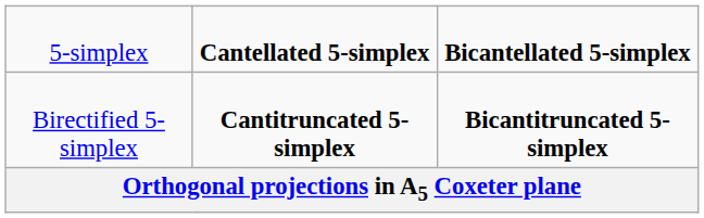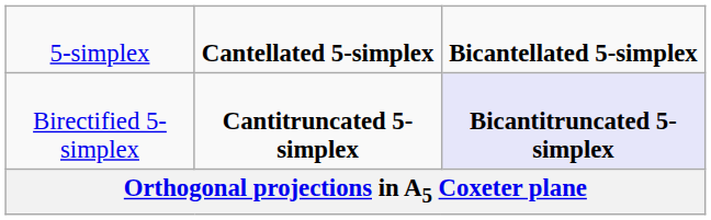 <table class=wikitable align=right width=450 style="margin-left:1em;">
 <tr align=center>
 <td><br><a href='#'>5-simplex</a><br></td>
 <td><br><strong>Cantellated 5-simplex</strong><br></td>
 <td><br><strong>Bicantellated 5-simplex</strong><br></td>
 </tr>
 <tr align=center>
 <td><br><a href='#'>Birectified 5-simplex</a><br></td>
 <td><br><strong>Cantitruncated 5-simplex</strong><br></td>
-<td><br><strong>Bicantitruncated 5-simplex</strong><br></td>
+<td style="background: lavender;"><br><strong>Bicantitruncated 5-simplex</strong><br></td>
 </tr>
 <tr>
 <th colspan=3><a href='#'>Orthogonal projections</a> in A<sub>5</sub> <a href='#'>Coxeter plane</a></th>
 </tr>
 </table>
